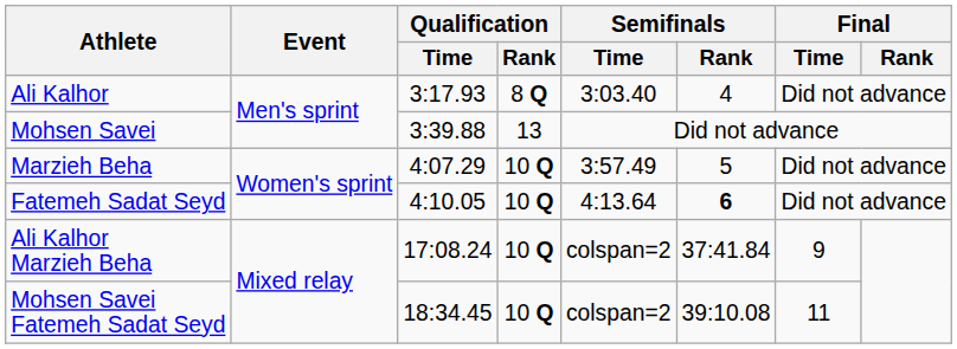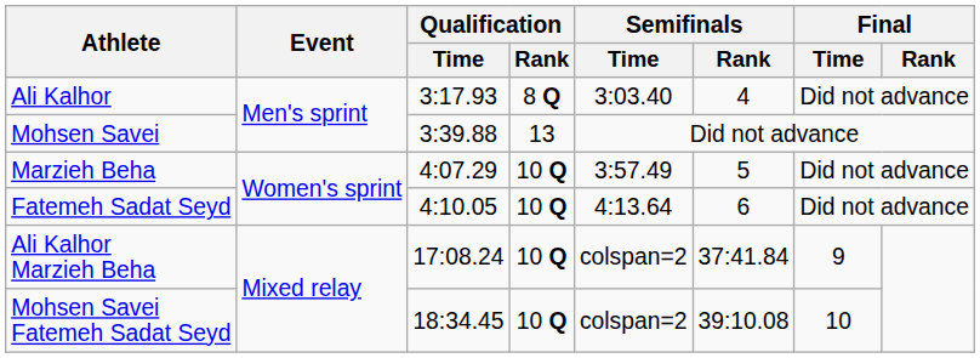 <table class="wikitable" style="font-size:90%">
 <tr>
 <th rowspan=2>Athlete</th>
 <th rowspan=2>Event</th>
 <th colspan=2>Qualification</th>
 <th colspan=2>Semifinals</th>
 <th colspan=2>Final</th>
 </tr>
 <tr style="font-size:95%">
 <th>Time</th>
 <th>Rank</th>
 <th>Time</th>
 <th>Rank</th>
 <th>Time</th>
 <th>Rank</th>
 </tr>
 <tr align=center>
 <td align=left><a href='#'>Ali Kalhor</a></td>
 <td align=left rowspan=2><a href='#'>Men's sprint</a></td>
 <td>3:17.93</td>
 <td>8 <strong>Q</strong></td>
 <td>3:03.40</td>
 <td>4</td>
 <td colspan=2>Did not advance</td>
 </tr>
 <tr align=center>
 <td align=left><a href='#'>Mohsen Savei</a></td>
 <td>3:39.88</td>
 <td>13</td>
 <td colspan=4>Did not advance</td>
 </tr>
 <tr align=center>
 <td align=left><a href='#'>Marzieh Beha</a></td>
 <td align=left rowspan=2><a href='#'>Women's sprint</a></td>
 <td>4:07.29</td>
 <td>10 <strong>Q</strong></td>
 <td>3:57.49</td>
 <td>5</td>
 <td colspan=2>Did not advance</td>
 </tr>
 <tr align=center>
 <td align=left><a href='#'>Fatemeh Sadat Seyd</a></td>
 <td>4:10.05</td>
 <td>10 <strong>Q</strong></td>
 <td>4:13.64</td>
-<td><strong>6</strong></td>
+<td>6</td>
 <td colspan=2>Did not advance</td>
 </tr>
 <tr align=center>
 <td align=left><a href='#'>Ali Kalhor</a><br><a href='#'>Marzieh Beha</a></td>
 <td align=left rowspan=2><a href='#'>Mixed relay</a></td>
 <td>17:08.24</td>
 <td>10 <strong>Q</strong></td>
 <td>colspan=2 </td>
 <td>37:41.84</td>
 <td>9</td>
 </tr>
 <tr align=center>
 <td align=left><a href='#'>Mohsen Savei</a><br><a href='#'>Fatemeh Sadat Seyd</a></td>
 <td>18:34.45</td>
 <td>10 <strong>Q</strong></td>
 <td>colspan=2 </td>
 <td>39:10.08</td>
-<td>11</td>
+<td>10</td>
 </tr>
 </table>
